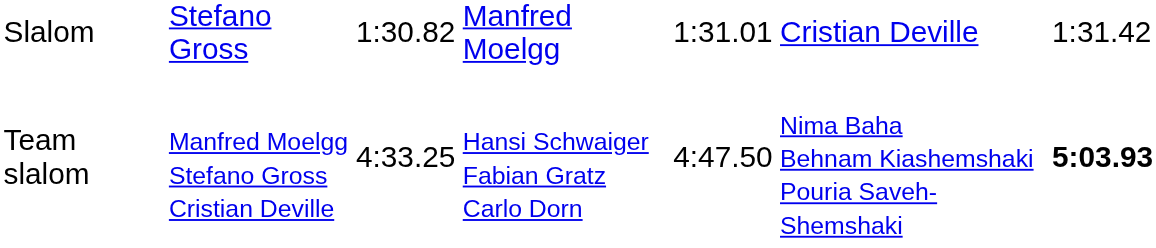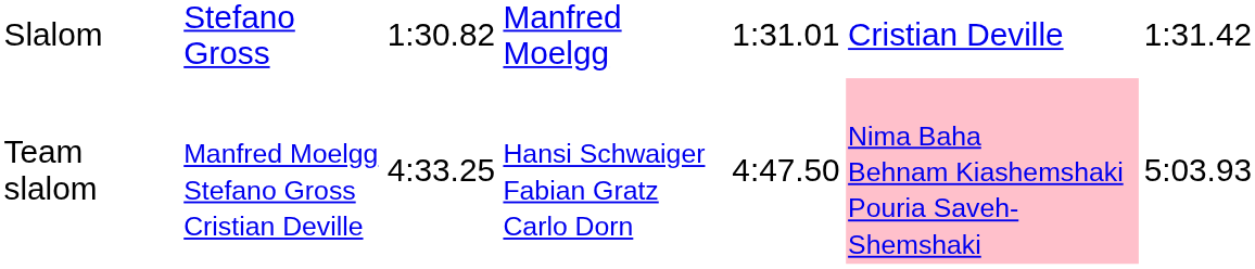 <table>
 <tr>
 <td>Slalom</td>
 <td><a href='#'>Stefano Gross</a><br></td>
 <td>1:30.82</td>
 <td><a href='#'>Manfred Moelgg</a><br></td>
 <td>1:31.01</td>
 <td><a href='#'>Cristian Deville</a><br></td>
 <td>1:31.42</td>
 </tr>
 <tr>
 <td>Team slalom</td>
 <td><br><small><a href='#'>Manfred Moelgg</a><br><a href='#'>Stefano Gross</a><br><a href='#'>Cristian Deville</a></small></td>
 <td>4:33.25</td>
 <td><br><small><a href='#'>Hansi Schwaiger</a><br><a href='#'>Fabian Gratz</a><br><a href='#'>Carlo Dorn</a></small></td>
 <td>4:47.50</td>
-<td><br><small><a href='#'>Nima Baha</a><br><a href='#'>Behnam Kiashemshaki</a><br><a href='#'>Pouria Saveh-Shemshaki</a></small></td>
-<td><strong>5:03.93</strong></td>
+<td style="background: pink;"><br><small><a href='#'>Nima Baha</a><br><a href='#'>Behnam Kiashemshaki</a><br><a href='#'>Pouria Saveh-Shemshaki</a></small></td>
+<td>5:03.93</td>
 </tr>
 </table>
